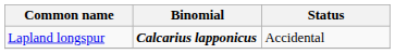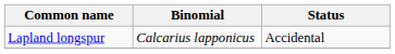 <table width=72% class="wikitable">
 <tr>
 <th width=24%>Common name</th>
 <th width=24%>Binomial</th>
 <th width=24%>Status</th>
 </tr>
 <tr>
 <td><a href='#'>Lapland longspur</a></td>
-<td><strong><em>Calcarius lapponicus</em></strong></td>
+<td><em>Calcarius lapponicus</em></td>
 <td>Accidental</td>
 </tr>
 <tr>
 </tr>
 </table>
